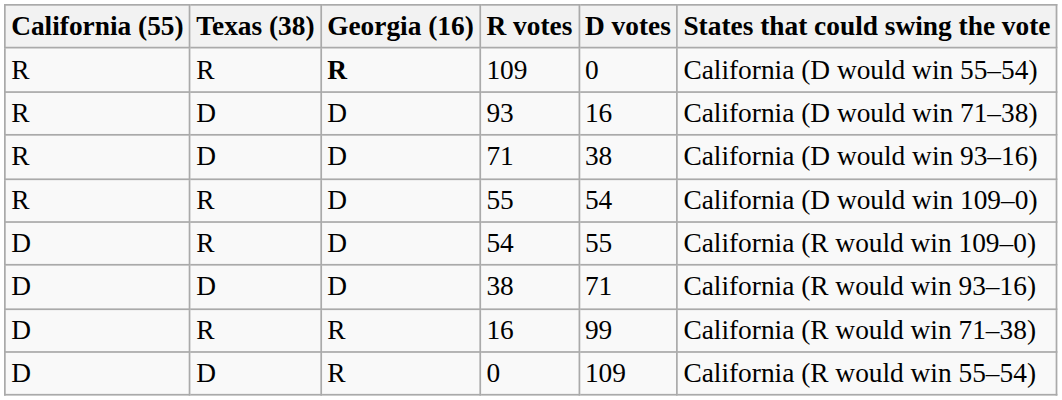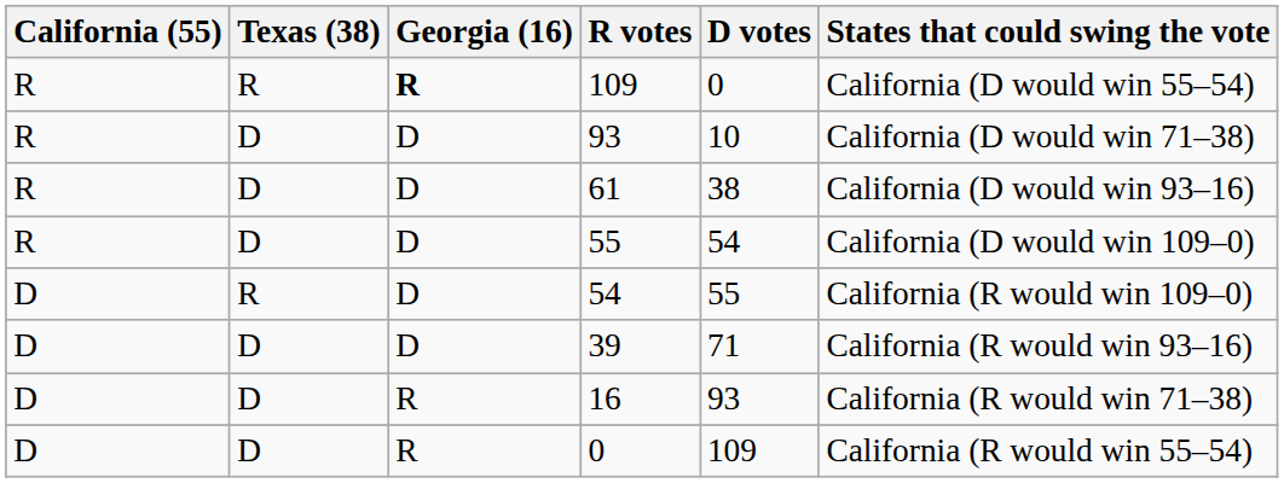 <table class="wikitable" align=center>
 <tr>
 <th>California (55)</th>
 <th>Texas (38)</th>
 <th>Georgia (16)</th>
 <th>R votes</th>
 <th>D votes</th>
 <th>States that could swing the vote</th>
 </tr>
 <tr>
 <td>R</td>
 <td>R</td>
 <td><strong>R</strong></td>
 <td>109</td>
 <td>0</td>
 <td>California (D would win 55–54)</td>
 </tr>
 <tr>
 <td>R</td>
 <td>D</td>
 <td>D</td>
 <td>93</td>
-<td>16</td>
+<td>10</td>
 <td>California (D would win 71–38)</td>
 </tr>
 <tr>
 <td>R</td>
 <td>D</td>
 <td>D</td>
-<td>71</td>
+<td>61</td>
 <td>38</td>
 <td>California (D would win 93–16)</td>
 </tr>
 <tr>
 <td>R</td>
-<td>R</td>
+<td>D</td>
 <td>D</td>
 <td>55</td>
 <td>54</td>
 <td>California (D would win 109–0)</td>
 </tr>
 <tr>
 <td>D</td>
 <td>R</td>
 <td>D</td>
 <td>54</td>
 <td>55</td>
 <td>California (R would win 109–0)</td>
 </tr>
 <tr>
 <td>D</td>
 <td>D</td>
 <td>D</td>
-<td>38</td>
+<td>39</td>
 <td>71</td>
 <td>California (R would win 93–16)</td>
 </tr>
 <tr>
 <td>D</td>
-<td>R</td>
+<td>D</td>
 <td>R</td>
 <td>16</td>
-<td>99</td>
+<td>93</td>
 <td>California (R would win 71–38)</td>
 </tr>
 <tr>
 <td>D</td>
 <td>D</td>
 <td>R</td>
 <td>0</td>
 <td>109</td>
 <td>California (R would win 55–54)</td>
 </tr>
 </table>
